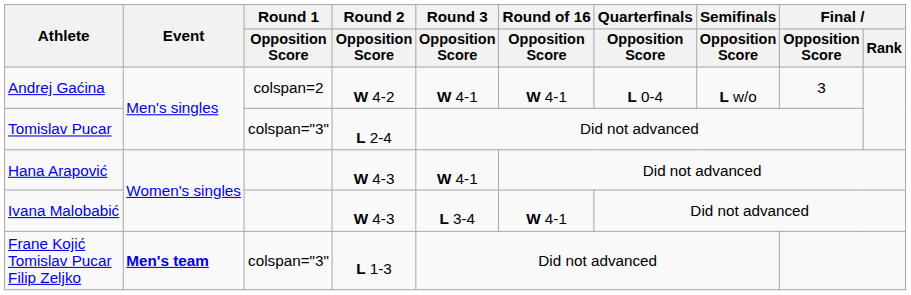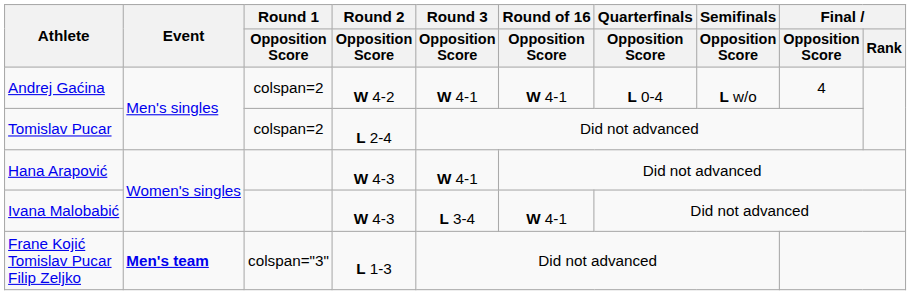 <table class=wikitable style="font-size:90%">
 <tr>
 <th rowspan="2">Athlete</th>
 <th rowspan="2">Event</th>
 <th>Round 1</th>
 <th>Round 2</th>
 <th>Round 3</th>
 <th>Round of 16</th>
 <th>Quarterfinals</th>
 <th>Semifinals</th>
 <th colspan=2>Final / </th>
 </tr>
 <tr style="font-size:95%">
 <th>Opposition<br>Score</th>
 <th>Opposition<br>Score</th>
 <th>Opposition<br>Score</th>
 <th>Opposition<br>Score</th>
 <th>Opposition<br>Score</th>
 <th>Opposition<br>Score</th>
 <th>Opposition<br>Score</th>
 <th>Rank</th>
 </tr>
 <tr align=center>
 <td align=left><a href='#'>Andrej Gaćina</a></td>
 <td align=left rowspan=2><a href='#'>Men's singles</a></td>
 <td>colspan=2 </td>
 <td><br><strong>W</strong> 4-2</td>
 <td><br><strong>W</strong> 4-1</td>
 <td><br><strong>W</strong> 4-1</td>
 <td><br><strong>L</strong> 0-4</td>
 <td><br><strong>L</strong> w/o</td>
-<td>3</td>
+<td>4</td>
 </tr>
 <tr align=center>
 <td align=left><a href='#'>Tomislav Pucar</a></td>
-<td>colspan="3" </td>
+<td>colspan=2 </td>
 <td><br><strong>L</strong> 2-4</td>
 <td colspan=5>Did not advanced</td>
 </tr>
 <tr align=center>
 <td align=left><a href='#'>Hana Arapović</a></td>
 <td align=left rowspan=2><a href='#'>Women's singles</a></td>
 <td></td>
 <td><br><strong>W</strong> 4-3</td>
 <td><br><strong>W</strong> 4-1</td>
 <td colspan=5>Did not advanced</td>
 </tr>
 <tr align=center>
 <td align=left><a href='#'>Ivana Malobabić</a></td>
 <td></td>
 <td><br><strong>W</strong> 4-3</td>
 <td><br><strong>L</strong> 3-4</td>
 <td><br><strong>W</strong> 4-1</td>
 <td colspan="4">Did not advanced</td>
 </tr>
 <tr align="center">
 <td align="left"><a href='#'>Frane Kojić</a><br><a href='#'>Tomislav Pucar</a><br><a href='#'>Filip Zeljko</a></td>
 <td align="left"><strong><a href='#'>Men's team</a></strong></td>
 <td>colspan="3" </td>
 <td><br><strong>L</strong> 1-3</td>
 <td colspan="4">Did not advanced</td>
 </tr>
 </table>
